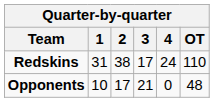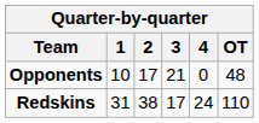 <table class="wikitable" style="text-align:center">
 <tr>
 <th colspan="6">Quarter-by-quarter</th>
 </tr>
 <tr>
 <th>Team</th>
 <th>1</th>
 <th>2</th>
 <th>3</th>
 <th>4</th>
 <th>OT</th>
 </tr>
 <tr>
+<td><strong>Opponents</strong></td>
+<td>10</td>
+<td>17</td>
+<td>21</td>
+<td>0</td>
+<td>48</td>
+</tr>
+<tr>
 <td><strong>Redskins</strong></td>
 <td>31</td>
 <td>38</td>
 <td>17</td>
 <td>24</td>
 <td>110</td>
 </tr>
-<tr>
-<td><strong>Opponents</strong></td>
-<td>10</td>
-<td>17</td>
-<td>21</td>
-<td>0</td>
-<td>48</td>
-</tr>
 </table>
